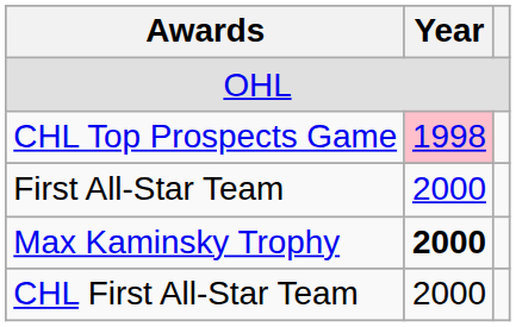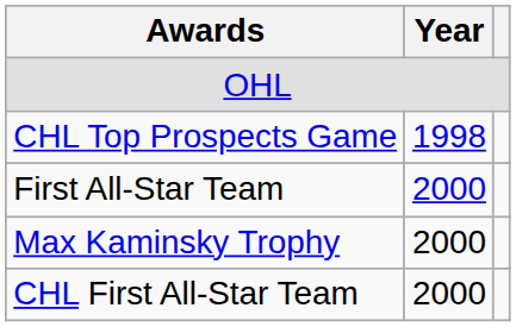 <table class="wikitable">
 <tr>
 <th>Awards</th>
 <th>Year</th>
 <th></th>
 </tr>
 <tr ALIGN="center" bgcolor="#e0e0e0">
 <td colspan="3"><a href='#'>OHL</a></td>
 </tr>
 <tr>
 <td><a href='#'>CHL Top Prospects Game</a></td>
-<td style="background: pink;"><a href='#'>1998</a></td>
+<td><a href='#'>1998</a></td>
 <td></td>
 </tr>
 <tr>
 <td>First All-Star Team</td>
 <td><a href='#'>2000</a></td>
 <td></td>
 </tr>
 <tr>
 <td><a href='#'>Max Kaminsky Trophy</a></td>
-<td><strong>2000</strong></td>
+<td>2000</td>
 <td></td>
 </tr>
 <tr>
 <td><a href='#'>CHL</a> First All-Star Team</td>
 <td>2000</td>
 <td></td>
 </tr>
 </table>
